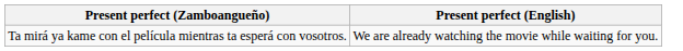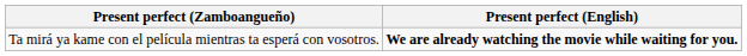 <table class="wikitable">
 <tr>
 <th>Present perfect (Zamboangueño)</th>
 <th>Present perfect (English)</th>
 </tr>
 <tr>
 <td>Ta mirá ya kame con el película mientras ta esperá con vosotros.</td>
-<td>We are already watching the movie while waiting for you.</td>
+<td><strong>We are already watching the movie while waiting for you.</strong></td>
 </tr>
 </table>
